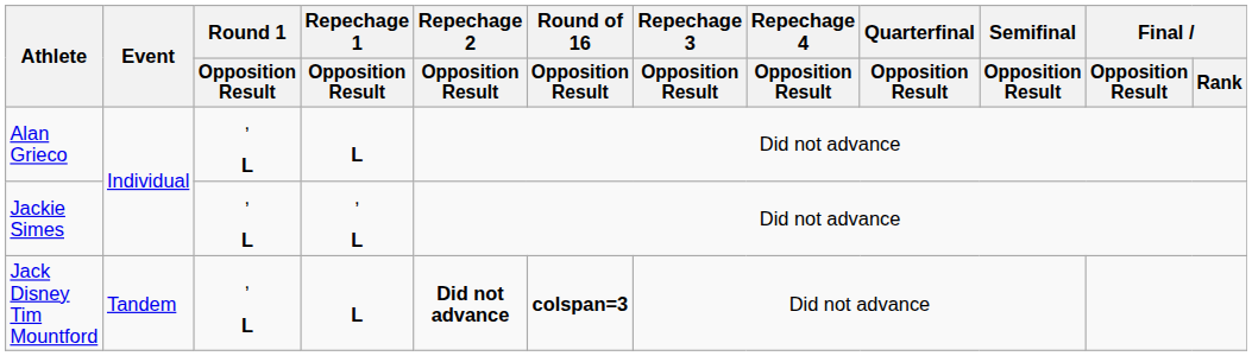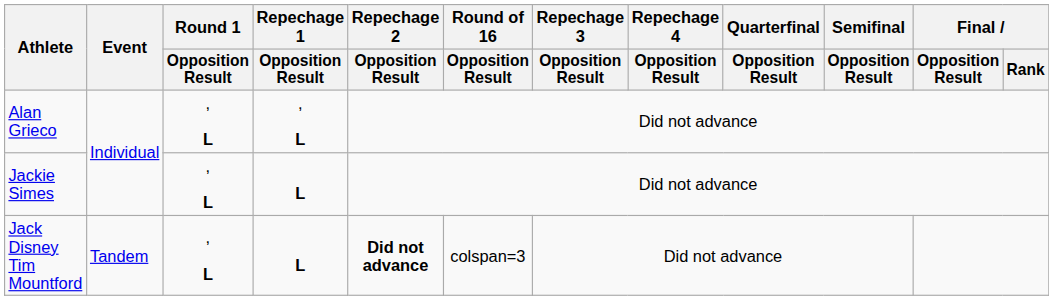 <table class=wikitable style=font-size:90%;text-align:center>
 <tr>
 <th rowspan=2>Athlete</th>
 <th rowspan=2>Event</th>
 <th>Round 1</th>
 <th>Repechage 1</th>
 <th>Repechage 2</th>
 <th>Round of 16</th>
 <th>Repechage 3</th>
 <th>Repechage 4</th>
 <th>Quarterfinal</th>
 <th>Semifinal</th>
 <th colspan=2>Final / </th>
 </tr>
 <tr style=font-size:95%>
 <th>Opposition<br>Result</th>
 <th>Opposition<br>Result</th>
 <th>Opposition<br>Result</th>
 <th>Opposition<br>Result</th>
 <th>Opposition<br>Result</th>
 <th>Opposition<br>Result</th>
 <th>Opposition<br>Result</th>
 <th>Opposition<br>Result</th>
 <th>Opposition<br>Result</th>
 <th>Rank</th>
 </tr>
 <tr>
 <td align=left><a href='#'>Alan Grieco</a></td>
 <td align=left rowspan=2><a href='#'>Individual</a></td>
 <td>, <br><br><strong>L</strong></td>
-<td><br><strong>L</strong></td>
+<td>, <br><br><strong>L</strong></td>
 <td colspan=8>Did not advance</td>
 </tr>
 <tr>
 <td align=left><a href='#'>Jackie Simes</a></td>
 <td>, <br><br><strong>L</strong></td>
-<td>, <br><br><strong>L</strong></td>
+<td><br><strong>L</strong></td>
 <td colspan=8>Did not advance</td>
 </tr>
 <tr>
 <td align=left><a href='#'>Jack Disney</a><br><a href='#'>Tim Mountford</a></td>
 <td align=left><a href='#'>Tandem</a></td>
 <td>, <br><br><strong>L</strong></td>
 <td><br><strong>L</strong></td>
 <td><strong>Did not advance</strong></td>
-<td><strong>colspan=3 </strong></td>
+<td>colspan=3 </td>
 <td colspan=4>Did not advance</td>
 </tr>
 </table>
